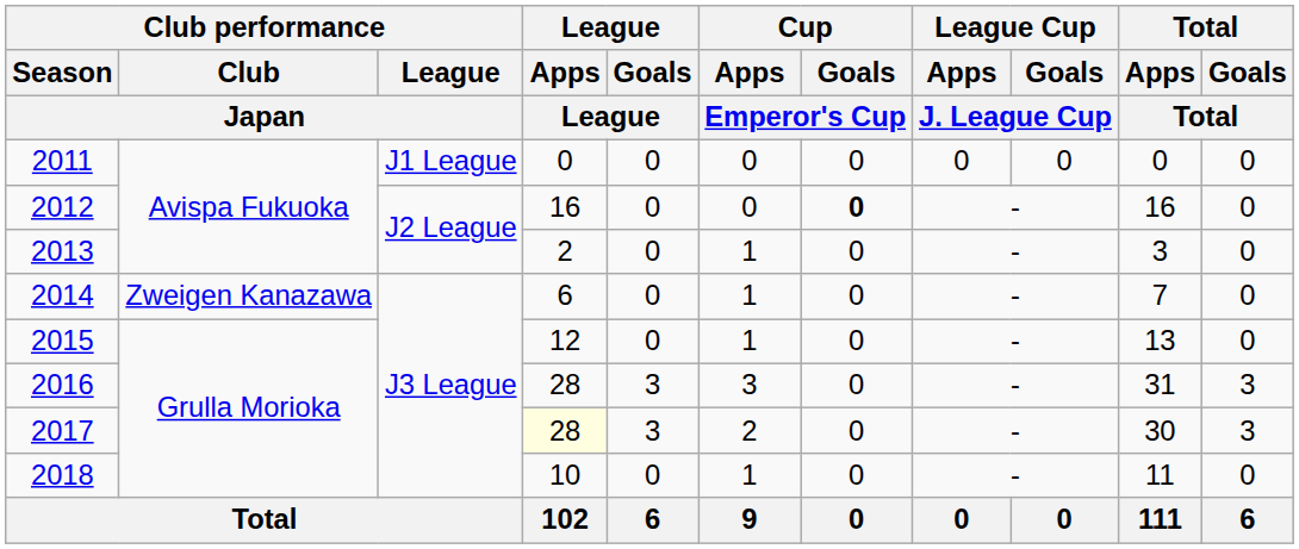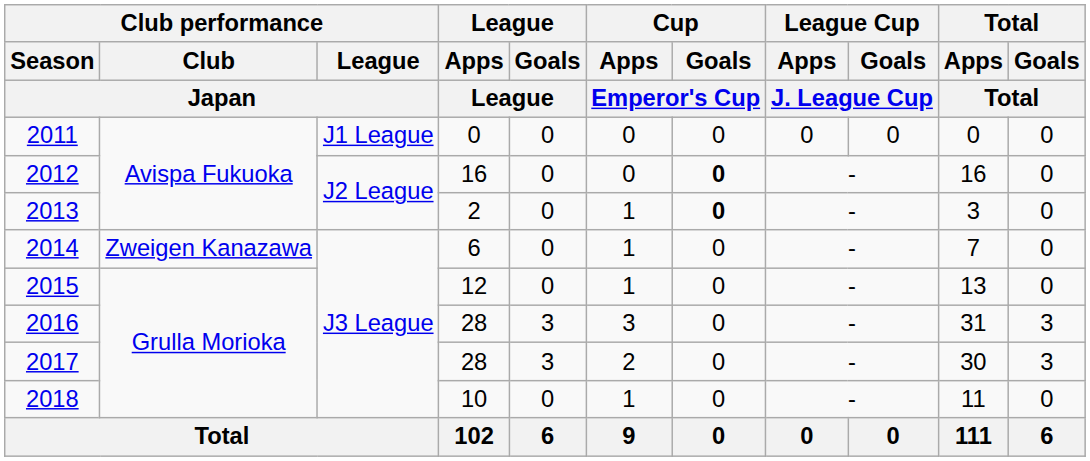 <table class="wikitable" style="text-align:center;">
 <tr>
 <th colspan=3>Club performance</th>
 <th colspan=2>League</th>
 <th colspan=2>Cup</th>
 <th colspan=2>League Cup</th>
 <th colspan=2>Total</th>
 </tr>
 <tr>
 <th>Season</th>
 <th>Club</th>
 <th>League</th>
 <th>Apps</th>
 <th>Goals</th>
 <th>Apps</th>
 <th>Goals</th>
 <th>Apps</th>
 <th>Goals</th>
 <th>Apps</th>
 <th>Goals</th>
 </tr>
 <tr>
 <th colspan=3>Japan</th>
 <th colspan=2>League</th>
 <th colspan=2><a href='#'>Emperor's Cup</a></th>
 <th colspan=2><a href='#'>J. League Cup</a></th>
 <th colspan=2>Total</th>
 </tr>
 <tr>
 <td><a href='#'>2011</a></td>
 <td rowspan="3"><a href='#'>Avispa Fukuoka</a></td>
 <td><a href='#'>J1 League</a></td>
 <td>0</td>
 <td>0</td>
 <td>0</td>
 <td>0</td>
 <td>0</td>
 <td>0</td>
 <td>0</td>
 <td>0</td>
 </tr>
 <tr>
 <td><a href='#'>2012</a></td>
 <td rowspan="2"><a href='#'>J2 League</a></td>
 <td>16</td>
 <td>0</td>
 <td>0</td>
 <td><strong>0</strong></td>
 <td colspan="2">-</td>
 <td>16</td>
 <td>0</td>
 </tr>
 <tr>
 <td><a href='#'>2013</a></td>
 <td>2</td>
 <td>0</td>
 <td>1</td>
-<td>0</td>
+<td><strong>0</strong></td>
 <td colspan="2">-</td>
 <td>3</td>
 <td>0</td>
 </tr>
 <tr>
 <td><a href='#'>2014</a></td>
 <td><a href='#'>Zweigen Kanazawa</a></td>
 <td rowspan="5"><a href='#'>J3 League</a></td>
 <td>6</td>
 <td>0</td>
 <td>1</td>
 <td>0</td>
 <td colspan="2">-</td>
 <td>7</td>
 <td>0</td>
 </tr>
 <tr>
 <td><a href='#'>2015</a></td>
 <td rowspan="4"><a href='#'>Grulla Morioka</a></td>
 <td>12</td>
 <td>0</td>
 <td>1</td>
 <td>0</td>
 <td colspan="2">-</td>
 <td>13</td>
 <td>0</td>
 </tr>
 <tr>
 <td><a href='#'>2016</a></td>
 <td>28</td>
 <td>3</td>
 <td>3</td>
 <td>0</td>
 <td colspan="2">-</td>
 <td>31</td>
 <td>3</td>
 </tr>
 <tr>
 <td><a href='#'>2017</a></td>
-<td style="background: lightyellow;">28</td>
+<td>28</td>
 <td>3</td>
 <td>2</td>
 <td>0</td>
 <td colspan="2">-</td>
 <td>30</td>
 <td>3</td>
 </tr>
 <tr>
 <td><a href='#'>2018</a></td>
 <td>10</td>
 <td>0</td>
 <td>1</td>
 <td>0</td>
 <td colspan="2">-</td>
 <td>11</td>
 <td>0</td>
 </tr>
 <tr>
 <th colspan=3>Total</th>
 <th>102</th>
 <th>6</th>
 <th>9</th>
 <th>0</th>
 <th>0</th>
 <th>0</th>
 <th>111</th>
 <th>6</th>
 </tr>
 </table>
